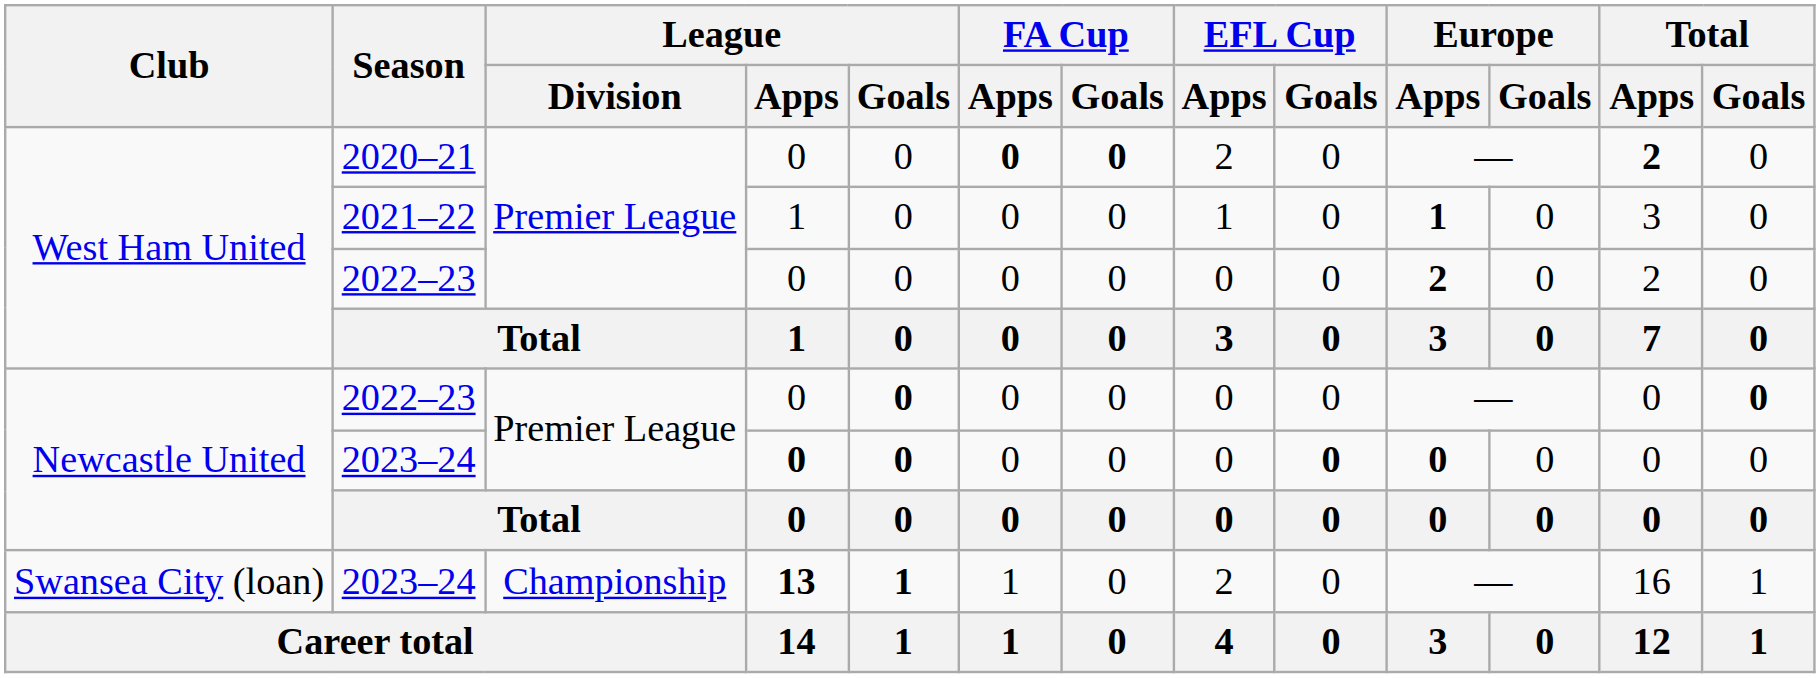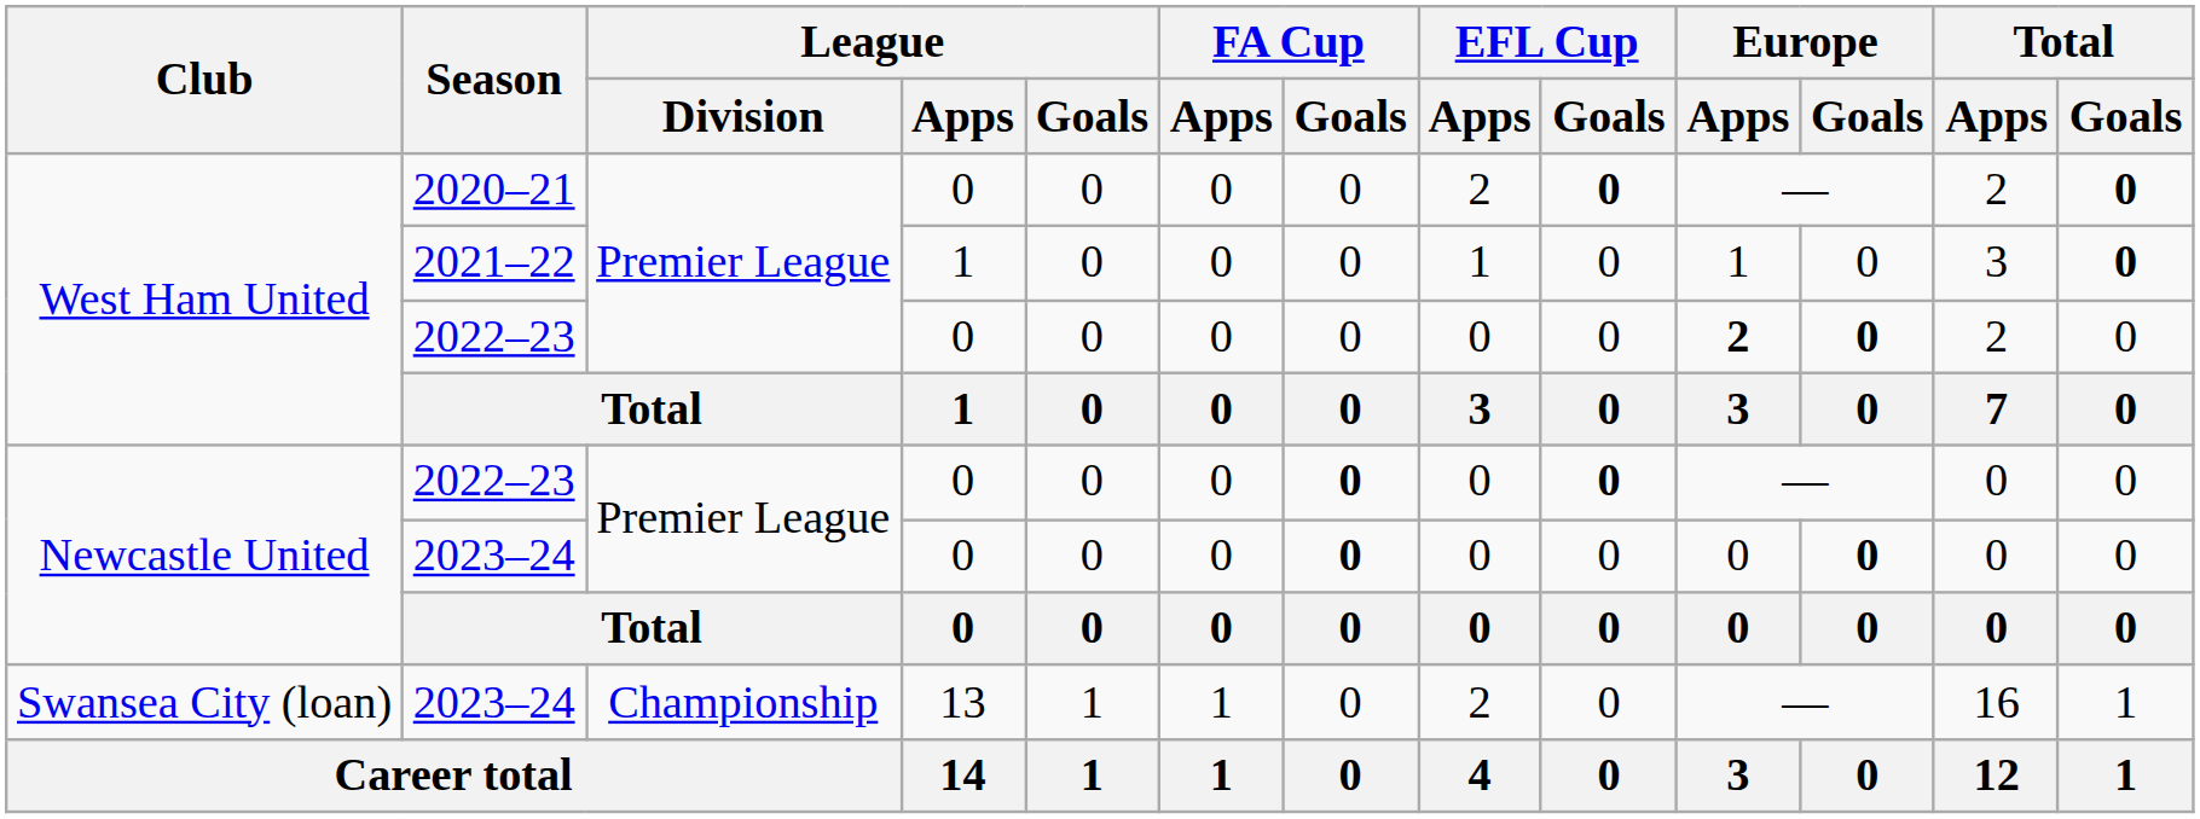 <table class=wikitable style=text-align:center>
 <tr>
 <th rowspan="2">Club</th>
 <th rowspan="2">Season</th>
 <th colspan="3">League</th>
 <th colspan="2"><a href='#'>FA Cup</a></th>
 <th colspan="2"><a href='#'>EFL Cup</a></th>
 <th colspan="2">Europe</th>
 <th colspan="2">Total</th>
 </tr>
 <tr>
 <th>Division</th>
 <th>Apps</th>
 <th>Goals</th>
 <th>Apps</th>
 <th>Goals</th>
 <th>Apps</th>
 <th>Goals</th>
 <th>Apps</th>
 <th>Goals</th>
 <th>Apps</th>
 <th>Goals</th>
 </tr>
 <tr>
 <td rowspan="4"><a href='#'>West Ham United</a></td>
 <td><a href='#'>2020–21</a></td>
 <td rowspan=3><a href='#'>Premier League</a></td>
 <td>0</td>
 <td>0</td>
+<td>0</td>
+<td>0</td>
+<td>2</td>
 <td><strong>0</strong></td>
+<td colspan="2">—</td>
+<td>2</td>
 <td><strong>0</strong></td>
-<td>2</td>
-<td>0</td>
-<td colspan="2">—</td>
-<td><strong>2</strong></td>
-<td>0</td>
 </tr>
 <tr>
 <td><a href='#'>2021–22</a></td>
 <td>1</td>
 <td>0</td>
 <td>0</td>
 <td>0</td>
 <td>1</td>
 <td>0</td>
-<td><strong>1</strong></td>
+<td>1</td>
 <td>0</td>
 <td>3</td>
-<td>0</td>
+<td><strong>0</strong></td>
 </tr>
 <tr>
 <td><a href='#'>2022–23</a></td>
 <td>0</td>
 <td>0</td>
 <td>0</td>
 <td>0</td>
 <td>0</td>
 <td>0</td>
 <td><strong>2</strong></td>
-<td>0</td>
+<td><strong>0</strong></td>
 <td>2</td>
 <td>0</td>
 </tr>
 <tr>
 <th colspan="2">Total</th>
 <th>1</th>
 <th>0</th>
 <th>0</th>
 <th>0</th>
 <th>3</th>
 <th>0</th>
 <th>3</th>
 <th>0</th>
 <th>7</th>
 <th>0</th>
 </tr>
 <tr>
 <td rowspan="3"><a href='#'>Newcastle United</a></td>
 <td><a href='#'>2022–23</a></td>
 <td rowspan="2">Premier League</td>
 <td>0</td>
+<td>0</td>
+<td>0</td>
 <td><strong>0</strong></td>
+<td>0</td>
+<td><strong>0</strong></td>
+<td colspan="2">—</td>
+<td>0</td>
+<td>0</td>
+</tr>
+<tr>
+<td><a href='#'>2023–24</a></td>
 <td>0</td>
 <td>0</td>
 <td>0</td>
-<td>0</td>
-<td colspan="2">—</td>
-<td>0</td>
-<td><strong>0</strong></td>
-</tr>
-<tr>
-<td><a href='#'>2023–24</a></td>
-<td><strong>0</strong></td>
 <td><strong>0</strong></td>
 <td>0</td>
 <td>0</td>
 <td>0</td>
 <td><strong>0</strong></td>
-<td><strong>0</strong></td>
-<td>0</td>
 <td>0</td>
 <td>0</td>
 </tr>
 <tr>
 <th colspan="2">Total</th>
 <th>0</th>
 <th>0</th>
 <th>0</th>
 <th>0</th>
 <th>0</th>
 <th>0</th>
 <th>0</th>
 <th>0</th>
 <th>0</th>
 <th>0</th>
 </tr>
 <tr>
 <td><a href='#'>Swansea City</a> (loan)</td>
 <td><a href='#'>2023–24</a></td>
 <td><a href='#'>Championship</a></td>
-<td><strong>13</strong></td>
-<td><strong>1</strong></td>
+<td>13</td>
+<td>1</td>
 <td>1</td>
 <td>0</td>
 <td>2</td>
 <td>0</td>
 <td colspan="2">—</td>
 <td>16</td>
 <td>1</td>
 </tr>
 <tr>
 <th colspan="3">Career total</th>
 <th>14</th>
 <th>1</th>
 <th>1</th>
 <th>0</th>
 <th>4</th>
 <th>0</th>
 <th>3</th>
 <th>0</th>
 <th>12</th>
 <th>1</th>
 </tr>
 </table>
